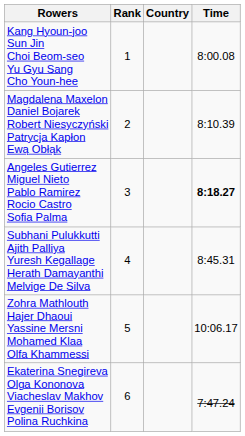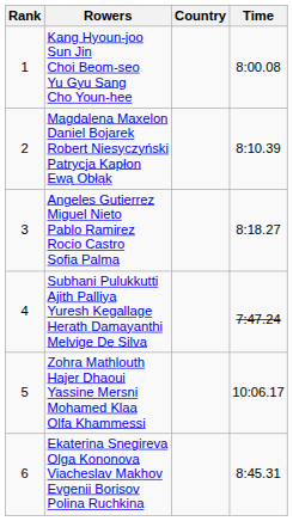 <table class="wikitable" style="text-align:center">
 <tr>
+<th>Rank</th>
 <th>Rowers</th>
-<th>Rank</th>
 <th>Country</th>
 <th>Time</th>
 </tr>
 <tr>
+<td>1</td>
 <td align="left"><a href='#'>Kang Hyoun-joo</a><br><a href='#'>Sun Jin</a><br><a href='#'>Choi Beom-seo</a><br><a href='#'>Yu Gyu Sang</a><br><a href='#'>Cho Youn-hee</a></td>
-<td>1</td>
 <td align="left"></td>
 <td>8:00.08</td>
 </tr>
 <tr>
+<td>2</td>
 <td align="left"><a href='#'>Magdalena Maxelon</a><br><a href='#'>Daniel Bojarek</a><br><a href='#'>Robert Niesyczyński</a><br><a href='#'>Patrycja Kapłon</a><br><a href='#'>Ewą Obłąk</a></td>
-<td>2</td>
 <td align="left"></td>
 <td>8:10.39</td>
 </tr>
 <tr>
+<td>3</td>
 <td align="left"><a href='#'>Angeles Gutierrez</a><br><a href='#'>Miguel Nieto</a><br><a href='#'>Pablo Ramirez</a><br><a href='#'>Rocio Castro</a><br><a href='#'>Sofia Palma</a></td>
-<td>3</td>
 <td align="left"></td>
-<td><strong>8:18.27</strong></td>
+<td>8:18.27</td>
 </tr>
 <tr>
+<td>4</td>
 <td align="left"><a href='#'>Subhani Pulukkutti</a><br><a href='#'>Ajith Palliya</a><br><a href='#'>Yuresh Kegallage</a><br><a href='#'>Herath Damayanthi</a><br><a href='#'>Melvige De Silva</a></td>
-<td>4</td>
 <td align="left"></td>
-<td>8:45.31</td>
+<td><br><s>7:47.24</s></td>
 </tr>
 <tr>
+<td>5</td>
 <td align="left"><a href='#'>Zohra Mathlouth</a><br><a href='#'>Hajer Dhaoui</a><br><a href='#'>Yassine Mersni</a><br><a href='#'>Mohamed Klaa</a><br><a href='#'>Olfa Khammessi</a></td>
-<td>5</td>
 <td align="left"></td>
 <td>10:06.17</td>
 </tr>
 <tr>
+<td>6</td>
 <td align="left"><a href='#'>Ekaterina Snegireva</a><br><a href='#'>Olga Kononova</a><br><a href='#'>Viacheslav Makhov</a><br><a href='#'>Evgenii Borisov</a><br><a href='#'>Polina Ruchkina</a></td>
-<td>6</td>
 <td align="left"></td>
-<td><br><s>7:47.24</s></td>
+<td>8:45.31</td>
 </tr>
 </table>
